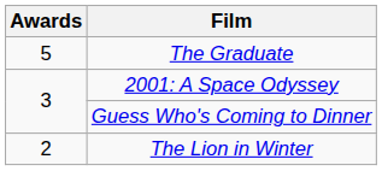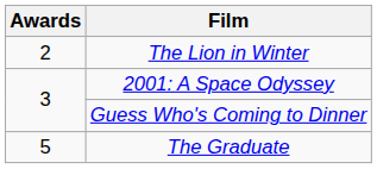 <table class="wikitable" style="text-align:center;">
 <tr>
 <th style="background:">Awards</th>
 <th style="background:">Film</th>
 </tr>
 <tr>
-<td>5</td>
-<td><em><a href='#'>The Graduate</a></em></td>
+<td>2</td>
+<td><em><a href='#'>The Lion in Winter</a></em></td>
 </tr>
 <tr>
 <td rowspan="2">3</td>
 <td><em><a href='#'>2001: A Space Odyssey</a></em></td>
 </tr>
 <tr>
 <td><em><a href='#'>Guess Who's Coming to Dinner</a></em></td>
 </tr>
 <tr>
-<td>2</td>
-<td><em><a href='#'>The Lion in Winter</a></em></td>
+<td>5</td>
+<td><em><a href='#'>The Graduate</a></em></td>
 </tr>
 </table>
